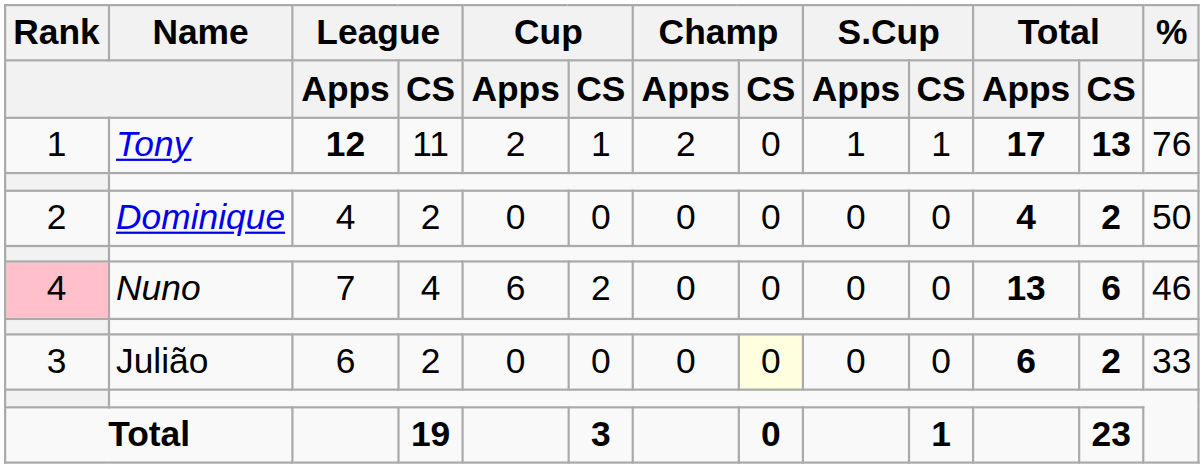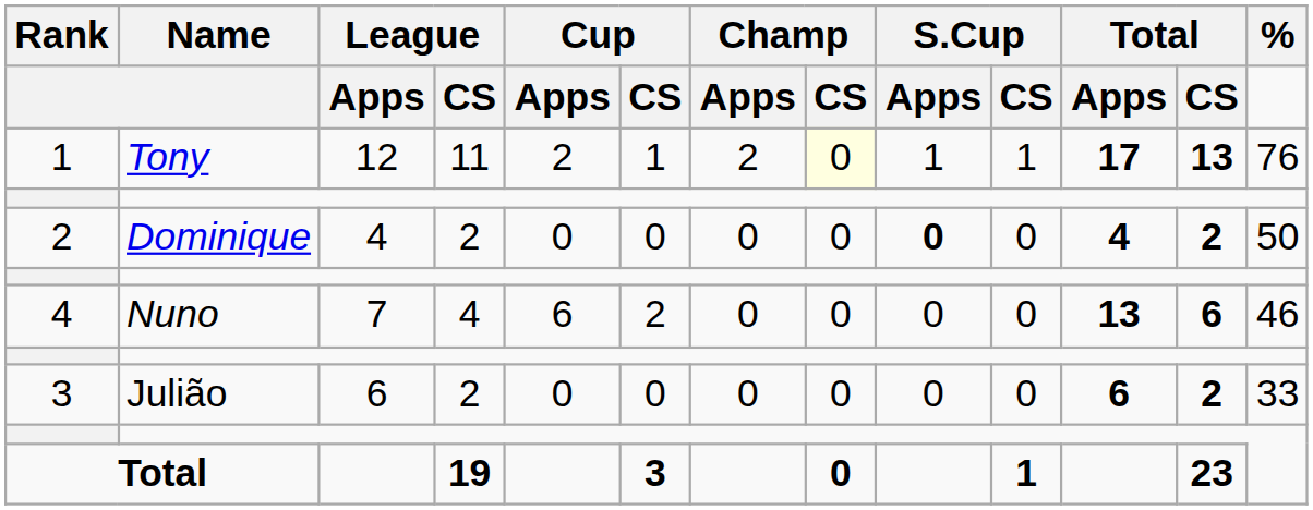 <table class="wikitable" style="text-align:center">
 <tr>
 <th>Rank</th>
 <th>Name</th>
 <th colspan=2>League</th>
 <th colspan=2>Cup</th>
 <th colspan=2>Champ</th>
 <th colspan=2>S.Cup</th>
 <th colspan=2>Total</th>
 <th>%</th>
 </tr>
 <tr>
 <th colspan=2></th>
 <th>Apps</th>
 <th>CS</th>
 <th>Apps</th>
 <th>CS</th>
 <th>Apps</th>
 <th>CS</th>
 <th>Apps</th>
 <th>CS</th>
 <th>Apps</th>
 <th>CS</th>
 </tr>
 <tr>
 <td>1</td>
 <td align="left"> <em><a href='#'>Tony</a></em></td>
-<td><strong>12</strong></td>
+<td>12</td>
 <td>11</td>
 <td>2</td>
 <td>1</td>
 <td>2</td>
-<td>0</td>
+<td style="background: lightyellow;">0</td>
 <td>1</td>
 <td>1</td>
 <td><strong>17</strong></td>
 <td><strong>13</strong></td>
 <td>76</td>
 </tr>
 <tr>
 <th></th>
 </tr>
 <tr>
 <td>2</td>
 <td align="left"> <em><a href='#'>Dominique</a></em></td>
 <td>4</td>
 <td>2</td>
 <td>0</td>
 <td>0</td>
 <td>0</td>
 <td>0</td>
-<td>0</td>
+<td><strong>0</strong></td>
 <td>0</td>
 <td><strong>4</strong></td>
 <td><strong>2</strong></td>
 <td>50</td>
 </tr>
 <tr>
 <th></th>
 </tr>
 <tr>
-<td style="background: pink;">4</td>
+<td>4</td>
 <td align="left"> <em>Nuno</em></td>
 <td>7</td>
 <td>4</td>
 <td>6</td>
 <td>2</td>
 <td>0</td>
 <td>0</td>
 <td>0</td>
 <td>0</td>
 <td><strong>13</strong></td>
 <td><strong>6</strong></td>
 <td>46</td>
 </tr>
 <tr>
 <th></th>
 </tr>
 <tr>
 <td>3</td>
 <td align="left"> Julião</td>
 <td>6</td>
 <td>2</td>
 <td>0</td>
 <td>0</td>
 <td>0</td>
-<td style="background: lightyellow;">0</td>
+<td>0</td>
 <td>0</td>
 <td>0</td>
 <td><strong>6</strong></td>
 <td><strong>2</strong></td>
 <td>33</td>
 </tr>
 <tr>
 <th></th>
 </tr>
 <tr>
 <td colspan=2><strong>Total</strong></td>
 <td></td>
 <td><strong>19</strong></td>
 <td></td>
 <td><strong>3</strong></td>
 <td></td>
 <td><strong>0</strong></td>
 <td></td>
 <td><strong>1</strong></td>
 <td></td>
 <td><strong>23</strong></td>
 </tr>
 </table>
